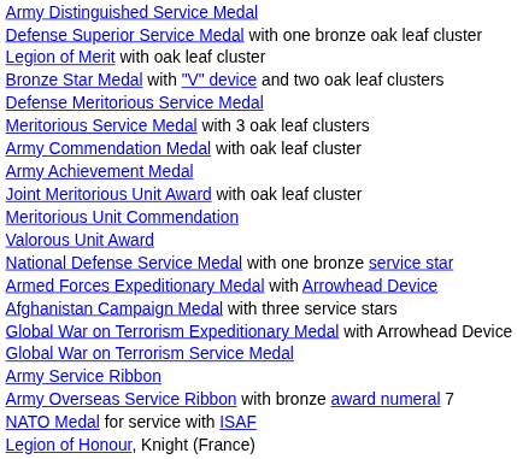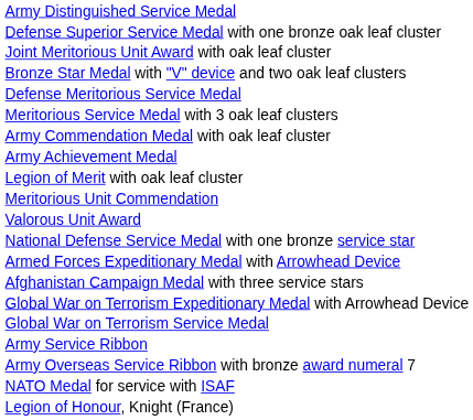 <table>
 <tr>
 <td> <a href='#'>Army Distinguished Service Medal</a></td>
 </tr>
 <tr>
 <td> <a href='#'>Defense Superior Service Medal</a> with one bronze oak leaf cluster</td>
 </tr>
 <tr>
-<td> <a href='#'>Legion of Merit</a> with oak leaf cluster</td>
+<td> <a href='#'>Joint Meritorious Unit Award</a> with oak leaf cluster</td>
 </tr>
 <tr>
 <td><span></span><span></span><span></span> <a href='#'>Bronze Star Medal</a> with <a href='#'>"V" device</a> and two oak leaf clusters</td>
 </tr>
 <tr>
 <td> <a href='#'>Defense Meritorious Service Medal</a></td>
 </tr>
 <tr>
 <td><span></span><span></span><span></span> <a href='#'>Meritorious Service Medal</a> with 3 oak leaf clusters</td>
 </tr>
 <tr>
 <td> <a href='#'>Army Commendation Medal</a> with oak leaf cluster</td>
 </tr>
 <tr>
 <td> <a href='#'>Army Achievement Medal</a></td>
 </tr>
 <tr>
-<td> <a href='#'>Joint Meritorious Unit Award</a> with oak leaf cluster</td>
+<td> <a href='#'>Legion of Merit</a> with oak leaf cluster</td>
 </tr>
 <tr>
 <td> <a href='#'>Meritorious Unit Commendation</a></td>
 </tr>
 <tr>
 <td> <a href='#'>Valorous Unit Award</a></td>
 </tr>
 <tr>
 <td> <a href='#'>National Defense Service Medal</a> with one bronze <a href='#'>service star</a></td>
 </tr>
 <tr>
 <td> <a href='#'>Armed Forces Expeditionary Medal</a> with <a href='#'>Arrowhead Device</a></td>
 </tr>
 <tr>
 <td><span></span><span></span><span></span> <a href='#'>Afghanistan Campaign Medal</a> with three service stars</td>
 </tr>
 <tr>
 <td> <a href='#'>Global War on Terrorism Expeditionary Medal</a> with Arrowhead Device</td>
 </tr>
 <tr>
 <td> <a href='#'>Global War on Terrorism Service Medal</a></td>
 </tr>
 <tr>
 <td> <a href='#'>Army Service Ribbon</a></td>
 </tr>
 <tr>
 <td><span></span> <a href='#'>Army Overseas Service Ribbon</a> with bronze <a href='#'>award numeral</a> 7</td>
 </tr>
 <tr>
 <td> <a href='#'>NATO Medal</a> for service with <a href='#'>ISAF</a></td>
 </tr>
 <tr>
 <td> <a href='#'>Legion of Honour</a>, Knight (France)</td>
 </tr>
 </table>
